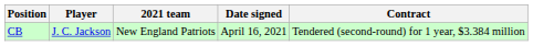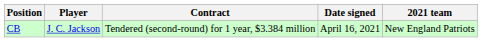 <table class="wikitable">
 <tr>
 <th>Position</th>
 <th>Player</th>
+<th>Contract</th>
+<th>Date signed</th>
 <th>2021 team</th>
-<th>Date signed</th>
-<th>Contract</th>
 </tr>
 <tr style="background:#cfc;">
 <td><a href='#'>CB</a></td>
 <td><a href='#'>J. C. Jackson</a></td>
+<td>Tendered (second-round) for 1 year, $3.384 million</td>
+<td>April 16, 2021</td>
 <td>New England Patriots</td>
-<td>April 16, 2021</td>
-<td>Tendered (second-round) for 1 year, $3.384 million</td>
 </tr>
 </table>
